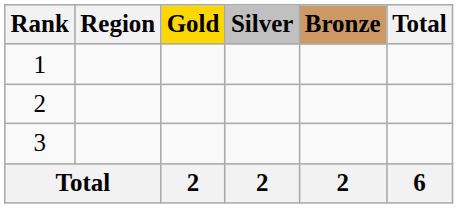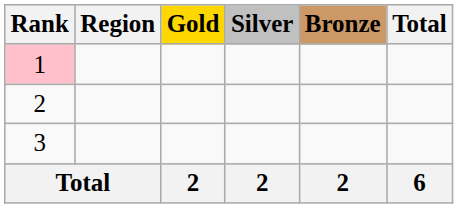 <table class="wikitable sortable" style="text-align:center">
 <tr>
 <th>Rank</th>
 <th>Region</th>
 <th style="background-color:gold">Gold</th>
 <th style="background-color:silver">Silver</th>
 <th style="background-color:#cc9966">Bronze</th>
 <th>Total</th>
 </tr>
 <tr>
-<td>1</td>
+<td style="background: pink;">1</td>
 <td align=left></td>
 <td></td>
 <td></td>
 <td></td>
 <td></td>
 </tr>
 <tr>
 <td>2</td>
 <td align=left></td>
 <td></td>
 <td></td>
 <td></td>
 <td></td>
 </tr>
 <tr>
 <td>3</td>
 <td align=left></td>
 <td></td>
 <td></td>
 <td></td>
 <td></td>
 </tr>
 <tr>
 <th colspan=2>Total</th>
 <th>2</th>
 <th>2</th>
 <th>2</th>
 <th>6</th>
 </tr>
 </table>
